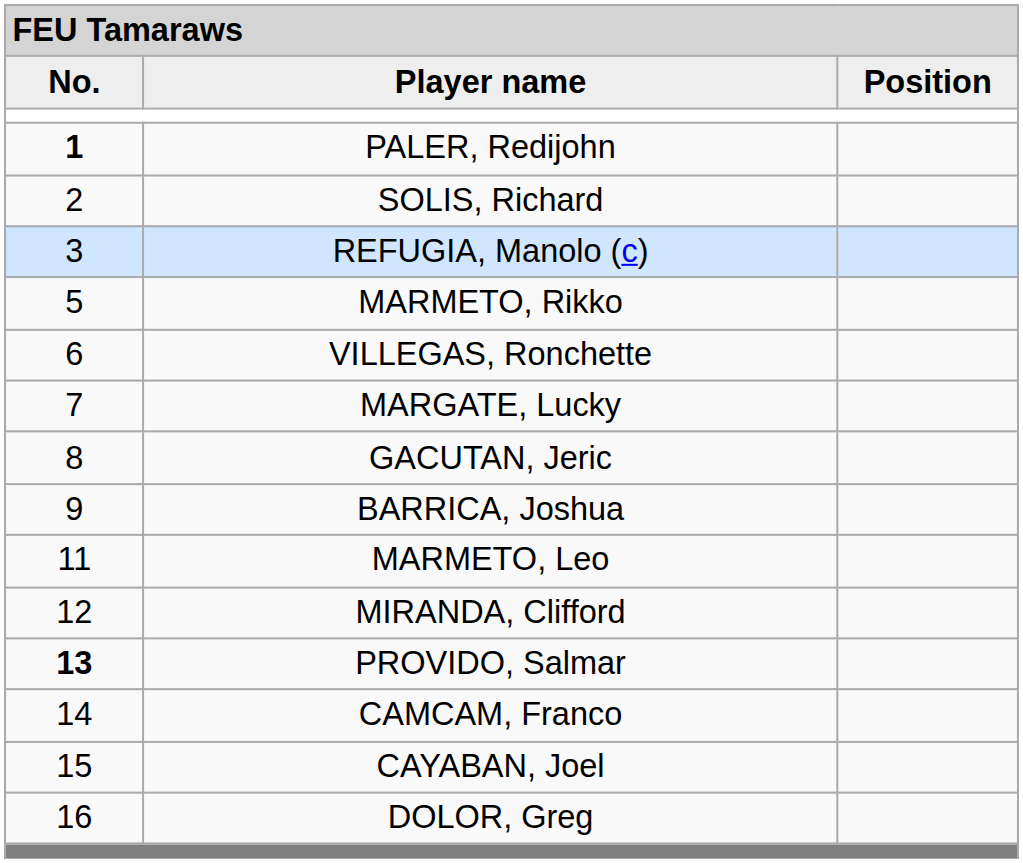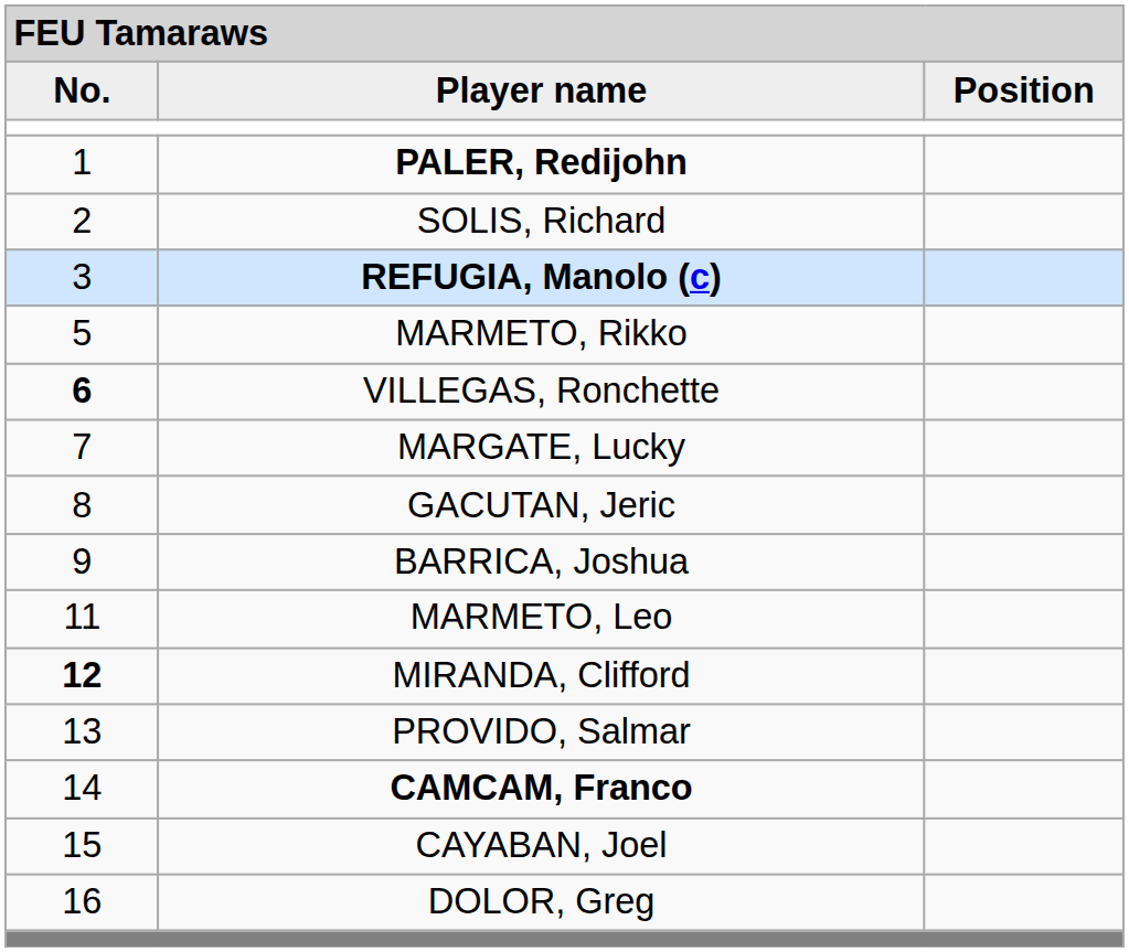 <table class='wikitable mw-collapsible mw-collapsed' style='text-align: center; width: 500px; border: none;'>
 <tr>
 <th style="background:#D4D4D4; text-align:left;" colspan=3> FEU Tamaraws</th>
 </tr>
 <tr style="background:#EEEEEE; font-weight:bold;">
 <td width=10%>No.</td>
 <td width=50%>Player name</td>
 <td width=10%>Position</td>
 </tr>
 <tr style="background:#FFFFFF;">
 <td colspan=3 align=center></td>
 </tr>
 <tr>
-<td align=center><strong>1</strong></td>
-<td>PALER, Redijohn</td>
+<td align=center>1</td>
+<td><strong>PALER, Redijohn</strong></td>
 <td align=center></td>
 </tr>
 <tr>
 <td align=center>2</td>
 <td>SOLIS, Richard</td>
 <td align=center></td>
 </tr>
 <tr bgcolor=#D0E6FF>
 <td align=center>3</td>
-<td>REFUGIA, Manolo (<a href='#'>c</a>)</td>
+<td><strong>REFUGIA, Manolo (<a href='#'>c</a>)</strong></td>
 <td align=center></td>
 </tr>
 <tr>
 <td align=center>5</td>
 <td>MARMETO, Rikko</td>
 <td align=center></td>
 </tr>
 <tr>
-<td align=center>6</td>
+<td align=center><strong>6</strong></td>
 <td>VILLEGAS, Ronchette</td>
 <td align=center></td>
 </tr>
 <tr>
 <td align=center>7</td>
 <td>MARGATE, Lucky</td>
 <td align=center></td>
 </tr>
 <tr>
 <td align=center>8</td>
 <td>GACUTAN, Jeric</td>
 <td align=center></td>
 </tr>
 <tr>
 <td align=center>9</td>
 <td>BARRICA, Joshua</td>
 <td align=center></td>
 </tr>
 <tr>
 <td align=center>11</td>
 <td>MARMETO, Leo</td>
 <td align=center></td>
 </tr>
 <tr>
-<td align=center>12</td>
+<td align=center><strong>12</strong></td>
 <td>MIRANDA, Clifford</td>
 <td align=center></td>
 </tr>
 <tr>
-<td align=center><strong>13</strong></td>
+<td align=center>13</td>
 <td>PROVIDO, Salmar</td>
 <td align=center></td>
 </tr>
 <tr>
 <td align=center>14</td>
-<td>CAMCAM, Franco</td>
+<td><strong>CAMCAM, Franco</strong></td>
 <td align=center></td>
 </tr>
 <tr>
 <td align=center>15</td>
 <td>CAYABAN, Joel</td>
 <td align=center></td>
 </tr>
 <tr>
 <td align=center>16</td>
 <td>DOLOR, Greg</td>
 <td align=center></td>
 </tr>
 <tr>
 <th style="background:gray;" colspan=3></th>
 </tr>
 <tr>
 </tr>
 </table>
